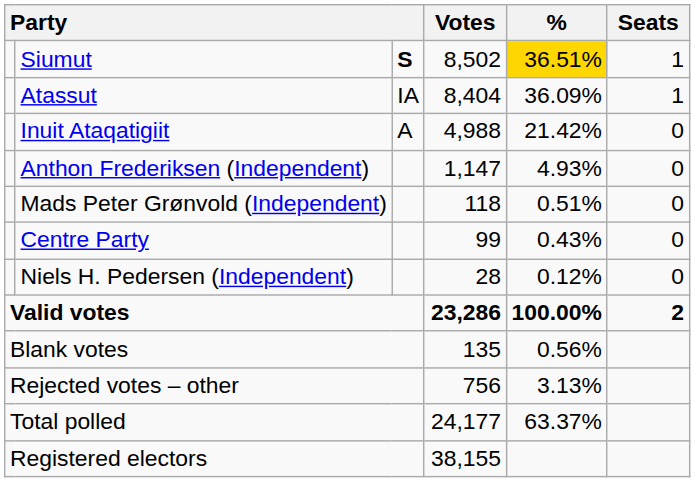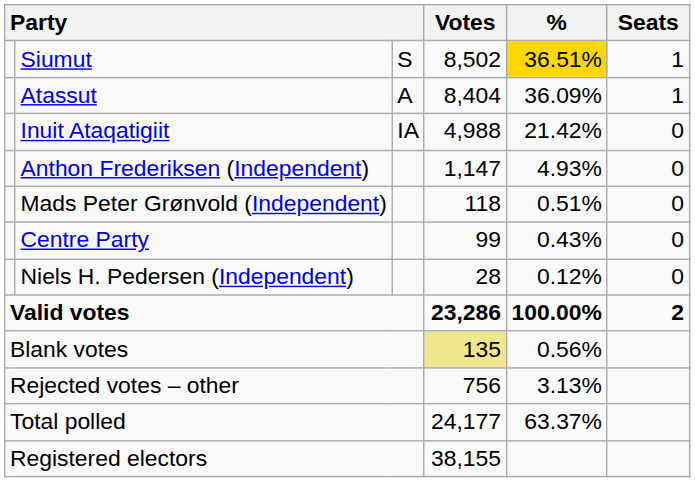 <table class="wikitable" border="1" style="text-align:right;">
 <tr>
 <th style="text-align:left;" valign=bottom colspan=3>Party</th>
 <th align=center valign=bottom width="50">Votes</th>
 <th align=center valign=bottom width="50">%</th>
 <th align=center valign=bottom width="50">Seats</th>
 </tr>
 <tr>
 <td></td>
 <td align=left><a href='#'>Siumut</a></td>
-<td align=left><strong>S</strong></td>
+<td align=left>S</td>
 <td>8,502</td>
 <td style="background: gold;">36.51%</td>
 <td>1</td>
 </tr>
 <tr>
 <td></td>
 <td align=left><a href='#'>Atassut</a></td>
-<td align=left>IA</td>
+<td align=left>A</td>
 <td>8,404</td>
 <td>36.09%</td>
 <td>1</td>
 </tr>
 <tr>
 <td></td>
 <td align=left><a href='#'>Inuit Ataqatigiit</a></td>
-<td align=left>A</td>
+<td align=left>IA</td>
 <td>4,988</td>
 <td>21.42%</td>
 <td>0</td>
 </tr>
 <tr>
 <td></td>
 <td align=left><a href='#'>Anthon Frederiksen</a> (<a href='#'>Independent</a>)</td>
 <td></td>
 <td>1,147</td>
 <td>4.93%</td>
 <td>0</td>
 </tr>
 <tr>
 <td></td>
 <td align=left>Mads Peter Grønvold (<a href='#'>Independent</a>)</td>
 <td></td>
 <td>118</td>
 <td>0.51%</td>
 <td>0</td>
 </tr>
 <tr>
 <td></td>
 <td align=left><a href='#'>Centre Party</a></td>
 <td></td>
 <td>99</td>
 <td>0.43%</td>
 <td>0</td>
 </tr>
 <tr>
 <td></td>
 <td align=left>Niels H. Pedersen (<a href='#'>Independent</a>)</td>
 <td></td>
 <td>28</td>
 <td>0.12%</td>
 <td>0</td>
 </tr>
 <tr style="font-weight:bold">
 <td align=left colspan=3>Valid votes</td>
 <td>23,286</td>
 <td>100.00%</td>
 <td>2</td>
 </tr>
 <tr>
 <td align=left colspan=3>Blank votes</td>
-<td>135</td>
+<td style="background: khaki;">135</td>
 <td>0.56%</td>
 <td></td>
 </tr>
 <tr>
 <td align=left colspan=3>Rejected votes – other</td>
 <td>756</td>
 <td>3.13%</td>
 <td></td>
 </tr>
 <tr>
 <td align=left colspan=3>Total polled</td>
 <td>24,177</td>
 <td>63.37%</td>
 <td></td>
 </tr>
 <tr>
 <td align=left colspan=3>Registered electors</td>
 <td>38,155</td>
 <td></td>
 <td></td>
 </tr>
 </table>
